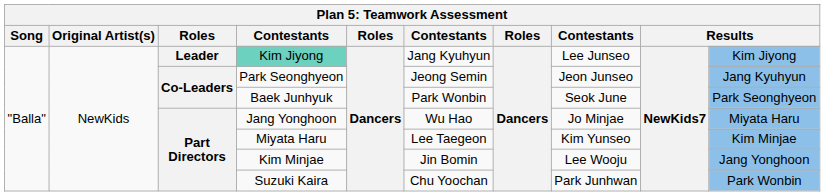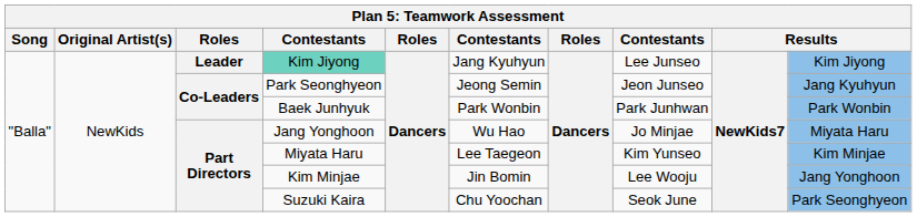 <table class="wikitable sortable mw-collapsible mw-collapsed" style="font-size:90%; text-align:center; ">
 <tr>
 <th colspan="10">Plan 5: Teamwork Assessment</th>
 </tr>
 <tr>
 <th>Song</th>
 <th>Original Artist(s)</th>
 <th>Roles</th>
 <th>Contestants</th>
 <th>Roles</th>
 <th>Contestants</th>
 <th>Roles</th>
 <th>Contestants</th>
 <th colspan="2">Results</th>
 </tr>
 <tr>
 <td rowspan="7">"Balla"</td>
 <td rowspan="7">NewKids</td>
 <th>Leader</th>
 <td style="background:#6CD1BF">Kim Jiyong</td>
 <th rowspan="7">Dancers</th>
 <td>Jang Kyuhyun</td>
 <th rowspan="7">Dancers</th>
 <td>Lee Junseo</td>
 <th rowspan="7">NewKids7</th>
 <td style="background:#8cc0e9">Kim Jiyong</td>
 </tr>
 <tr>
 <th rowspan="2">Co-Leaders</th>
 <td>Park Seonghyeon</td>
 <td>Jeong Semin</td>
 <td>Jeon Junseo</td>
 <td style="background:#8cc0e9">Jang Kyuhyun</td>
 </tr>
 <tr>
 <td>Baek Junhyuk</td>
 <td>Park Wonbin</td>
-<td>Seok June</td>
-<td style="background:#8cc0e9">Park Seonghyeon</td>
+<td>Park Junhwan</td>
+<td style="background:#8cc0e9">Park Wonbin</td>
 </tr>
 <tr>
 <th rowspan="4">Part<br>Directors</th>
 <td>Jang Yonghoon</td>
 <td>Wu Hao</td>
 <td>Jo Minjae</td>
 <td style="background:#8cc0e9">Miyata Haru</td>
 </tr>
 <tr>
 <td>Miyata Haru</td>
 <td>Lee Taegeon</td>
 <td>Kim Yunseo</td>
 <td style="background:#8cc0e9">Kim Minjae</td>
 </tr>
 <tr>
 <td>Kim Minjae</td>
 <td>Jin Bomin</td>
 <td>Lee Wooju</td>
 <td style="background:#8cc0e9">Jang Yonghoon</td>
 </tr>
 <tr>
 <td>Suzuki Kaira</td>
 <td>Chu Yoochan</td>
-<td>Park Junhwan</td>
-<td style="background:#8cc0e9">Park Wonbin</td>
+<td>Seok June</td>
+<td style="background:#8cc0e9">Park Seonghyeon</td>
 </tr>
 </table>
